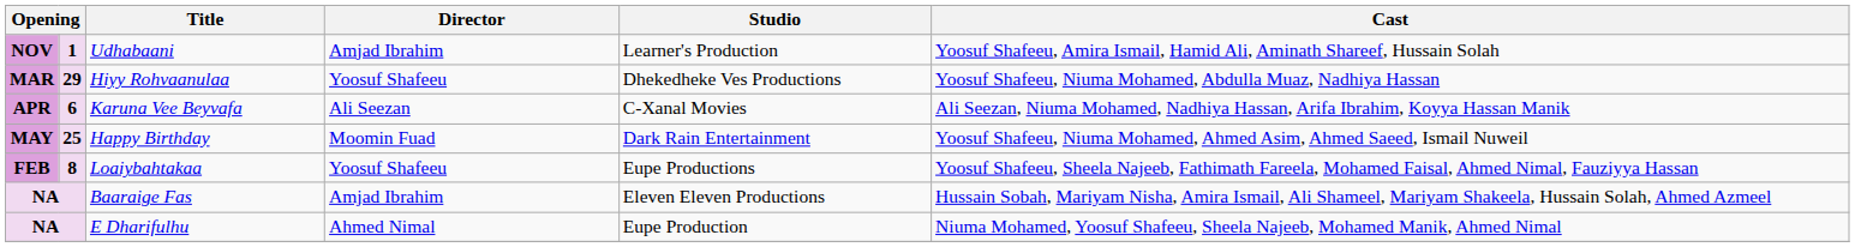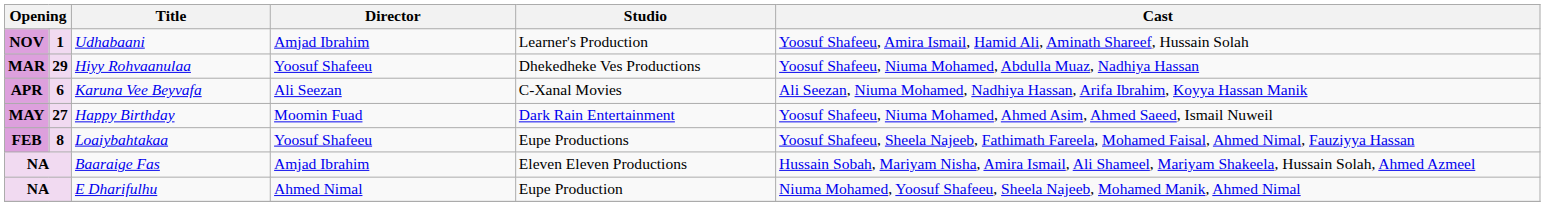 <table class="wikitable plainrowheaders" width="100%">
 <tr>
 <th scope="col" colspan="2" width=4%>Opening</th>
 <th scope="col" width=13%>Title</th>
 <th scope="col" width=16%>Director</th>
 <th scope="col" width=17%>Studio</th>
 <th scope="col" width=50%>Cast</th>
 </tr>
 <tr>
 <td style="text-align:center; background:plum; textcolor:#000;"><strong>NOV</strong></td>
 <td style="text-align:center; background:#f1daf1;"><strong>1</strong></td>
 <td><em><a href='#'>Udhabaani</a></em></td>
 <td><a href='#'>Amjad Ibrahim</a></td>
 <td>Learner's Production</td>
 <td><a href='#'>Yoosuf Shafeeu</a>, <a href='#'>Amira Ismail</a>, <a href='#'>Hamid Ali</a>, <a href='#'>Aminath Shareef</a>, Hussain Solah</td>
 </tr>
 <tr>
 <td style="text-align:center; background:plum; textcolor:#000;"><strong>MAR</strong></td>
 <td style="text-align:center; background:#f1daf1;"><strong>29</strong></td>
 <td><em><a href='#'>Hiyy Rohvaanulaa</a></em></td>
 <td><a href='#'>Yoosuf Shafeeu</a></td>
 <td>Dhekedheke Ves Productions</td>
 <td><a href='#'>Yoosuf Shafeeu</a>, <a href='#'>Niuma Mohamed</a>, <a href='#'>Abdulla Muaz</a>, <a href='#'>Nadhiya Hassan</a></td>
 </tr>
 <tr>
 <td style="text-align:center; background:plum; textcolor:#000;"><strong>APR</strong></td>
 <td style="text-align:center; background:#f1daf1;"><strong>6</strong></td>
 <td><em><a href='#'>Karuna Vee Beyvafa</a></em></td>
 <td><a href='#'>Ali Seezan</a></td>
 <td>C-Xanal Movies</td>
 <td><a href='#'>Ali Seezan</a>, <a href='#'>Niuma Mohamed</a>, <a href='#'>Nadhiya Hassan</a>, <a href='#'>Arifa Ibrahim</a>, <a href='#'>Koyya Hassan Manik</a></td>
 </tr>
 <tr>
 <td style="text-align:center; background:plum; textcolor:#000;"><strong>MAY</strong></td>
-<td style="text-align:center; background:#f1daf1;"><strong>25</strong></td>
+<td style="text-align:center; background:#f1daf1;"><strong>27</strong></td>
 <td><em><a href='#'>Happy Birthday</a></em></td>
 <td><a href='#'>Moomin Fuad</a></td>
 <td><a href='#'>Dark Rain Entertainment</a></td>
 <td><a href='#'>Yoosuf Shafeeu</a>, <a href='#'>Niuma Mohamed</a>, <a href='#'>Ahmed Asim</a>, <a href='#'>Ahmed Saeed</a>, Ismail Nuweil</td>
 </tr>
 <tr>
 <td style="text-align:center; background:plum; textcolor:#000;"><strong>FEB</strong></td>
 <td style="text-align:center; background:#f1daf1;"><strong>8</strong></td>
 <td><em><a href='#'>Loaiybahtakaa</a></em></td>
 <td><a href='#'>Yoosuf Shafeeu</a></td>
 <td>Eupe Productions</td>
 <td><a href='#'>Yoosuf Shafeeu</a>, <a href='#'>Sheela Najeeb</a>, <a href='#'>Fathimath Fareela</a>, <a href='#'>Mohamed Faisal</a>, <a href='#'>Ahmed Nimal</a>, <a href='#'>Fauziyya Hassan</a></td>
 </tr>
 <tr>
 <td style="text-align:center; background:#f1daf1;" colspan="2"><strong>NA</strong></td>
 <td><em><a href='#'>Baaraige Fas</a></em></td>
 <td><a href='#'>Amjad Ibrahim</a></td>
 <td>Eleven Eleven Productions</td>
 <td><a href='#'>Hussain Sobah</a>, <a href='#'>Mariyam Nisha</a>, <a href='#'>Amira Ismail</a>, <a href='#'>Ali Shameel</a>, <a href='#'>Mariyam Shakeela</a>, Hussain Solah, <a href='#'>Ahmed Azmeel</a></td>
 </tr>
 <tr>
 <td style="text-align:center; background:#f1daf1;" colspan="2"><strong>NA</strong></td>
 <td><em><a href='#'>E Dharifulhu</a></em></td>
 <td><a href='#'>Ahmed Nimal</a></td>
 <td>Eupe Production</td>
 <td><a href='#'>Niuma Mohamed</a>, <a href='#'>Yoosuf Shafeeu</a>, <a href='#'>Sheela Najeeb</a>, <a href='#'>Mohamed Manik</a>, <a href='#'>Ahmed Nimal</a></td>
 </tr>
 <tr>
 </tr>
 </table>
